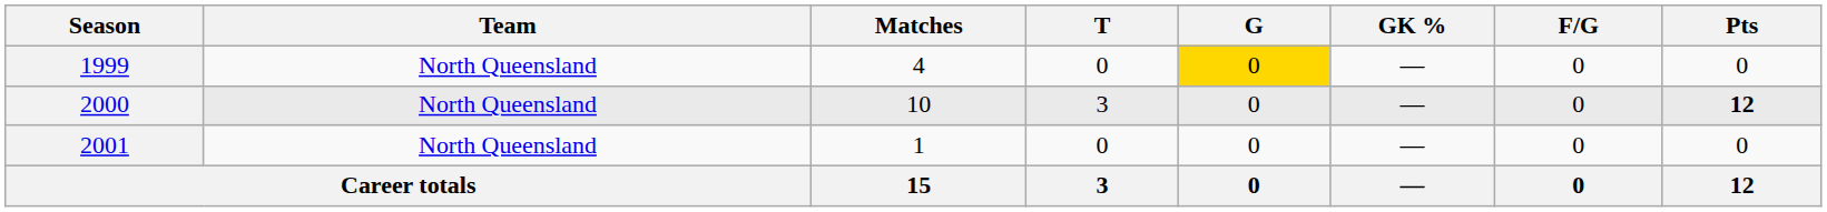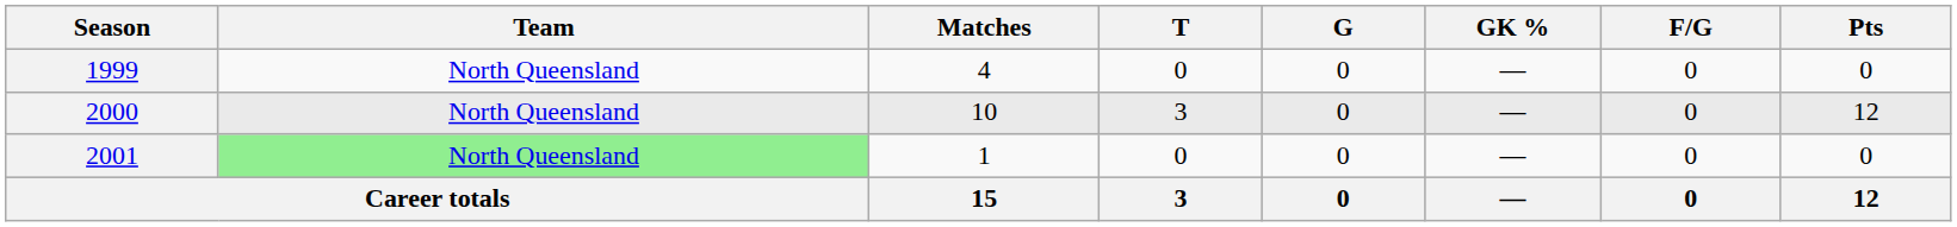 <table class="wikitable sortable"  style="font-size:90%; text-align:center; width:85%;">
 <tr>
 <th width=2%>Season</th>
 <th width=8%>Team</th>
 <th width=2%>Matches</th>
 <th width=2%>T</th>
 <th width=2%>G</th>
 <th width=2%>GK %</th>
 <th width=2%>F/G</th>
 <th width=2%>Pts</th>
 </tr>
 <tr>
 <th scope="row" style="text-align:center; font-weight:normal"><a href='#'>1999</a></th>
 <td style="text-align:center;"> <a href='#'>North Queensland</a></td>
 <td>4</td>
 <td>0</td>
-<td style="background: gold;">0</td>
+<td>0</td>
 <td>—</td>
 <td>0</td>
 <td>0</td>
 </tr>
 <tr style="background:#eaeaea;">
 <th scope="row" style="text-align:center; font-weight:normal"><a href='#'>2000</a></th>
 <td style="text-align:center;"> <a href='#'>North Queensland</a></td>
 <td>10</td>
 <td>3</td>
 <td>0</td>
 <td>—</td>
 <td>0</td>
-<td><strong>12</strong></td>
+<td>12</td>
 </tr>
 <tr>
 <th scope="row" style="text-align:center; font-weight:normal"><a href='#'>2001</a></th>
-<td style="text-align:center;"> <a href='#'>North Queensland</a></td>
+<td style="background: lightgreen; text-align:center;"> <a href='#'>North Queensland</a></td>
 <td>1</td>
 <td>0</td>
 <td>0</td>
 <td>—</td>
 <td>0</td>
 <td>0</td>
 </tr>
 <tr class="sortbottom">
 <th colspan=2>Career totals</th>
 <th>15</th>
 <th>3</th>
 <th>0</th>
 <th>—</th>
 <th>0</th>
 <th>12</th>
 </tr>
 </table>
